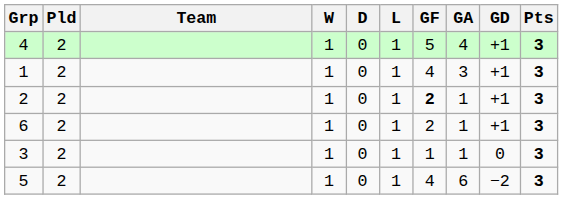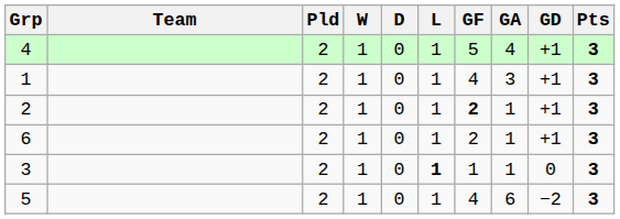 <table class="wikitable" style="text-align: center;">
 <tr>
 <th width="20">Grp</th>
+<th width="175">Team</th>
 <th width="20">Pld</th>
-<th width="175">Team</th>
 <th width="20">W</th>
 <th width="20">D</th>
 <th width="20">L</th>
 <th width="20">GF</th>
 <th width="20">GA</th>
 <th width="25">GD</th>
 <th width="20">Pts</th>
 </tr>
 <tr bgcolor=ccffcc>
 <td>4</td>
+<td align="left"></td>
 <td>2</td>
-<td align="left"></td>
 <td>1</td>
 <td>0</td>
 <td>1</td>
 <td>5</td>
 <td>4</td>
 <td>+1</td>
 <td><strong>3</strong></td>
 </tr>
 <tr>
 <td>1</td>
+<td align="left"></td>
 <td>2</td>
-<td align="left"></td>
 <td>1</td>
 <td>0</td>
 <td>1</td>
 <td>4</td>
 <td>3</td>
 <td>+1</td>
 <td><strong>3</strong></td>
 </tr>
 <tr>
 <td>2</td>
+<td align="left"></td>
 <td>2</td>
-<td align="left"></td>
 <td>1</td>
 <td>0</td>
 <td>1</td>
 <td><strong>2</strong></td>
 <td>1</td>
 <td>+1</td>
 <td><strong>3</strong></td>
 </tr>
 <tr>
 <td>6</td>
+<td align="left"></td>
 <td>2</td>
-<td align="left"></td>
 <td>1</td>
 <td>0</td>
 <td>1</td>
 <td>2</td>
 <td>1</td>
 <td>+1</td>
 <td><strong>3</strong></td>
 </tr>
 <tr>
 <td>3</td>
+<td align="left"></td>
 <td>2</td>
-<td align="left"></td>
 <td>1</td>
 <td>0</td>
-<td>1</td>
+<td><strong>1</strong></td>
 <td>1</td>
 <td>1</td>
 <td>0</td>
 <td><strong>3</strong></td>
 </tr>
 <tr>
 <td>5</td>
+<td align="left"></td>
 <td>2</td>
-<td align="left"></td>
 <td>1</td>
 <td>0</td>
 <td>1</td>
 <td>4</td>
 <td>6</td>
 <td>−2</td>
 <td><strong>3</strong></td>
 </tr>
 </table>
